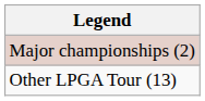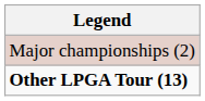 <table class="wikitable" style="font-size:95%;">
 <tr>
 <th>Legend</th>
 </tr>
 <tr style="background:#e5d1cb;">
 <td>Major championships (2)</td>
 </tr>
 <tr>
-<td>Other LPGA Tour (13)</td>
+<td><strong>Other LPGA Tour (13)</strong></td>
 </tr>
 </table>
